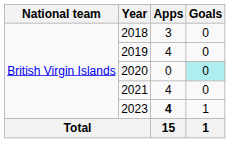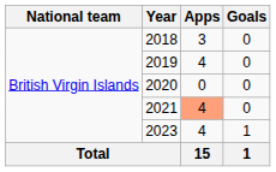 <table class="wikitable" style="text-align:center">
 <tr>
 <th>National team</th>
 <th>Year</th>
 <th>Apps</th>
 <th>Goals</th>
 </tr>
 <tr>
 <td rowspan="5"><a href='#'>British Virgin Islands</a></td>
 <td>2018</td>
 <td>3</td>
 <td>0</td>
 </tr>
 <tr>
 <td>2019</td>
 <td>4</td>
 <td>0</td>
 </tr>
 <tr>
 <td>2020</td>
 <td>0</td>
-<td style="background: paleturquoise;">0</td>
+<td>0</td>
 </tr>
 <tr>
 <td>2021</td>
-<td>4</td>
+<td style="background: lightsalmon;">4</td>
 <td>0</td>
 </tr>
 <tr>
 <td>2023</td>
-<td><strong>4</strong></td>
+<td>4</td>
 <td>1</td>
 </tr>
 <tr>
 <th colspan="2">Total</th>
 <th>15</th>
 <th>1</th>
 </tr>
 </table>
